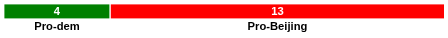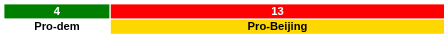 <table style="width:50%; text-align:center;">
 <tr style="color:white;">
 <td style="background:green; width:24%;"><strong>4</strong></td>
 <td style="background:red; width:86%;"><strong>13</strong></td>
 </tr>
 <tr>
 <td><span><strong>Pro-dem</strong></span></td>
-<td><span><strong>Pro-Beijing</strong></span></td>
+<td style="background: gold;"><span><strong>Pro-Beijing</strong></span></td>
 </tr>
 </table>
